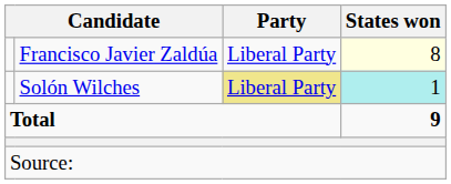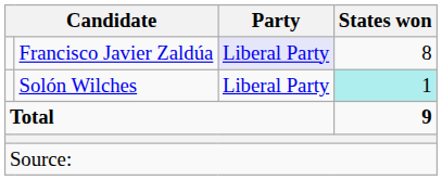 <table class="wikitable sortable">
 <tr>
 <th colspan=2>Candidate</th>
 <th>Party</th>
 <th>States won</th>
 </tr>
 <tr>
 <td bgcolor=></td>
 <td align=left><a href='#'>Francisco Javier Zaldúa</a></td>
-<td align=left><a href='#'>Liberal Party</a></td>
-<td align=right style="background: lightyellow;">8</td>
+<td align=left style="background: lavender;"><a href='#'>Liberal Party</a></td>
+<td align=right>8</td>
 </tr>
 <tr>
 <td bgcolor=></td>
 <td align=left><a href='#'>Solón Wilches</a></td>
-<td align=left style="background: khaki;"><a href='#'>Liberal Party</a></td>
+<td align=left><a href='#'>Liberal Party</a></td>
 <td align=right style="background: paleturquoise;">1</td>
 </tr>
 <tr class=sortbottom>
 <td align=left colspan=3><strong>Total</strong></td>
 <td align=right><strong>9</strong></td>
 </tr>
 <tr class=sortbottom>
 <th colspan=4></th>
 </tr>
 <tr class=sortbottom>
 <td align=left colspan=4>Source: </td>
 </tr>
 </table>
